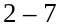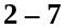 <table style="text-align:center">
 <tr>
 <th width=200></th>
 <th width=100></th>
 <th width=200></th>
 </tr>
 <tr>
 <td align=right></td>
-<td>2 – 7</td>
+<td><strong>2 – 7</strong></td>
 <td align=left><strong></strong></td>
 </tr>
 </table>
